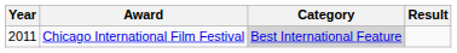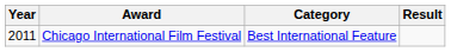 <table class="wikitable plainrowheaders">
 <tr>
 <th scope="col">Year</th>
 <th scope="col">Award</th>
 <th scope="col">Category</th>
 <th scope="col">Result</th>
 </tr>
 <tr>
 <td rowspan="6">2011</td>
 <td rowspan="1"><a href='#'>Chicago International Film Festival</a></td>
-<td style="background: lightgrey;"><a href='#'>Best International Feature</a></td>
+<td><a href='#'>Best International Feature</a></td>
 <td></td>
 </tr>
 </table>
